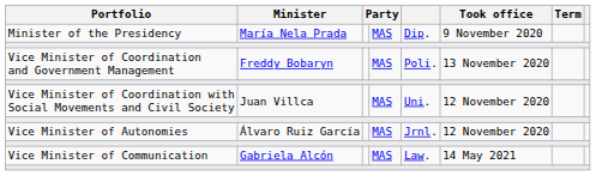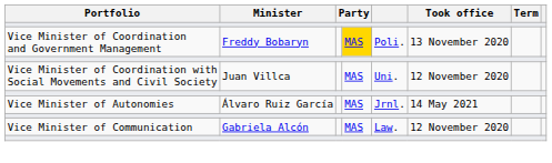 <table class="wikitable" style="font-size: 90%;">
 <tr>
 <th>Portfolio</th>
 <th>Minister</th>
 <th colspan="2">Party</th>
 <th></th>
 <th>Took office</th>
 <th>Term</th>
 <th></th>
 </tr>
 <tr>
-<td>Minister of the Presidency</td>
-<td><a href='#'>María Nela Prada</a></td>
-<td style="background-color:"></td>
-<td><a href='#'>MAS</a></td>
-<td><a href='#'>Dip</a>.</td>
-<td>9 November 2020</td>
-<td></td>
-<td></td>
-</tr>
-<tr>
 <td colspan="8" bgcolor="#EAECF0"></td>
 </tr>
 <tr>
 <td>Vice Minister of Coordination<br>and Government  Management</td>
 <td><a href='#'>Freddy Bobaryn</a></td>
 <td style="background-color:"></td>
-<td><a href='#'>MAS</a></td>
+<td style="background: gold;"><a href='#'>MAS</a></td>
 <td><a href='#'>Poli</a>.</td>
 <td>13 November 2020</td>
 <td></td>
 <td></td>
 </tr>
 <tr>
 <td colspan="8" bgcolor="#EAECF0"></td>
 </tr>
 <tr>
 <td>Vice Minister of Coordination with<br>Social Movements and Civil Society</td>
 <td>Juan Villca</td>
 <td style="background-color:"></td>
 <td><a href='#'>MAS</a></td>
 <td><a href='#'>Uni</a>.</td>
 <td>12 November 2020</td>
 <td></td>
 <td></td>
 </tr>
 <tr>
 <td colspan="8" bgcolor="#EAECF0"></td>
 </tr>
 <tr>
 <td>Vice Minister of Autonomies</td>
 <td>Álvaro Ruiz García</td>
 <td style="background-color:"></td>
 <td><a href='#'>MAS</a></td>
 <td><a href='#'>Jrnl</a>.</td>
-<td>12 November 2020</td>
+<td>14 May 2021</td>
 <td></td>
 <td></td>
 </tr>
 <tr>
 <td colspan="8" bgcolor="#EAECF0"></td>
 </tr>
 <tr>
 <td>Vice Minister of Communication</td>
 <td><a href='#'>Gabriela Alcón</a></td>
 <td style="background-color:"></td>
 <td><a href='#'>MAS</a></td>
 <td><a href='#'>Law</a>.</td>
-<td>14 May 2021</td>
+<td>12 November 2020</td>
 <td></td>
 <td></td>
 </tr>
 <tr>
 <td colspan="8" bgcolor="#EAECF0"></td>
 </tr>
 </table>
